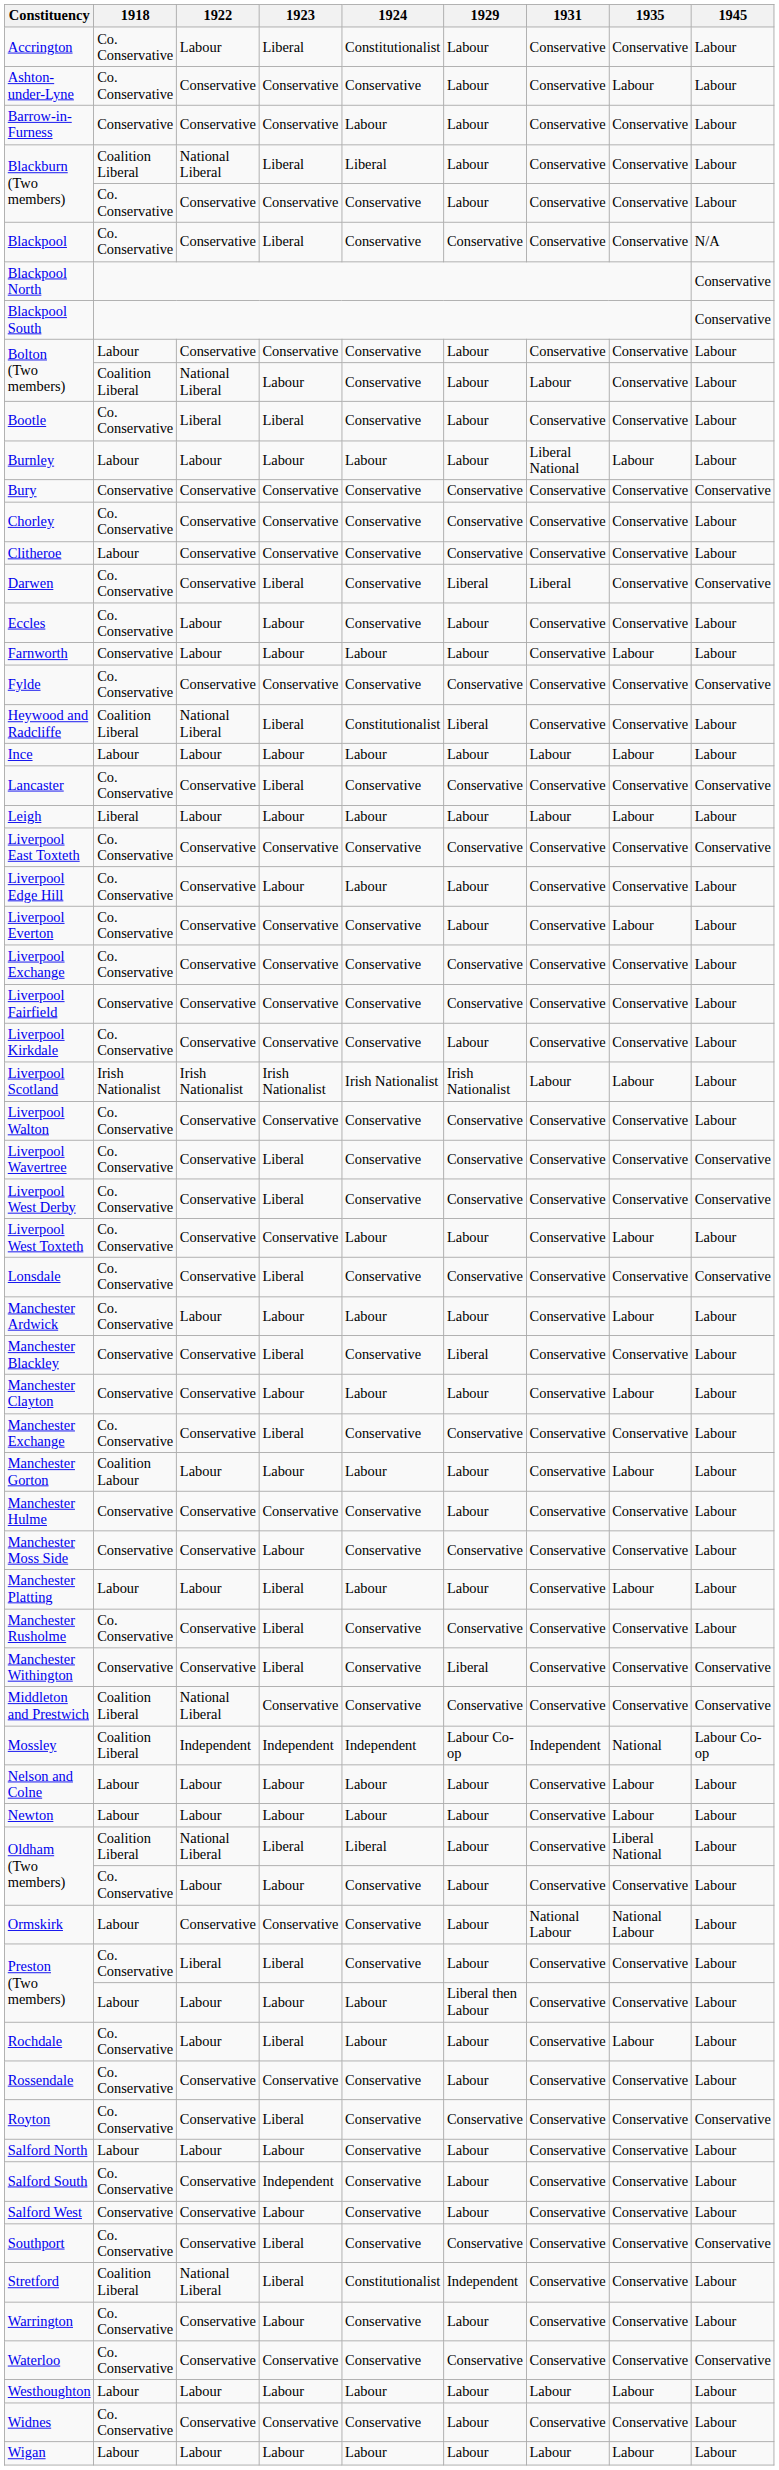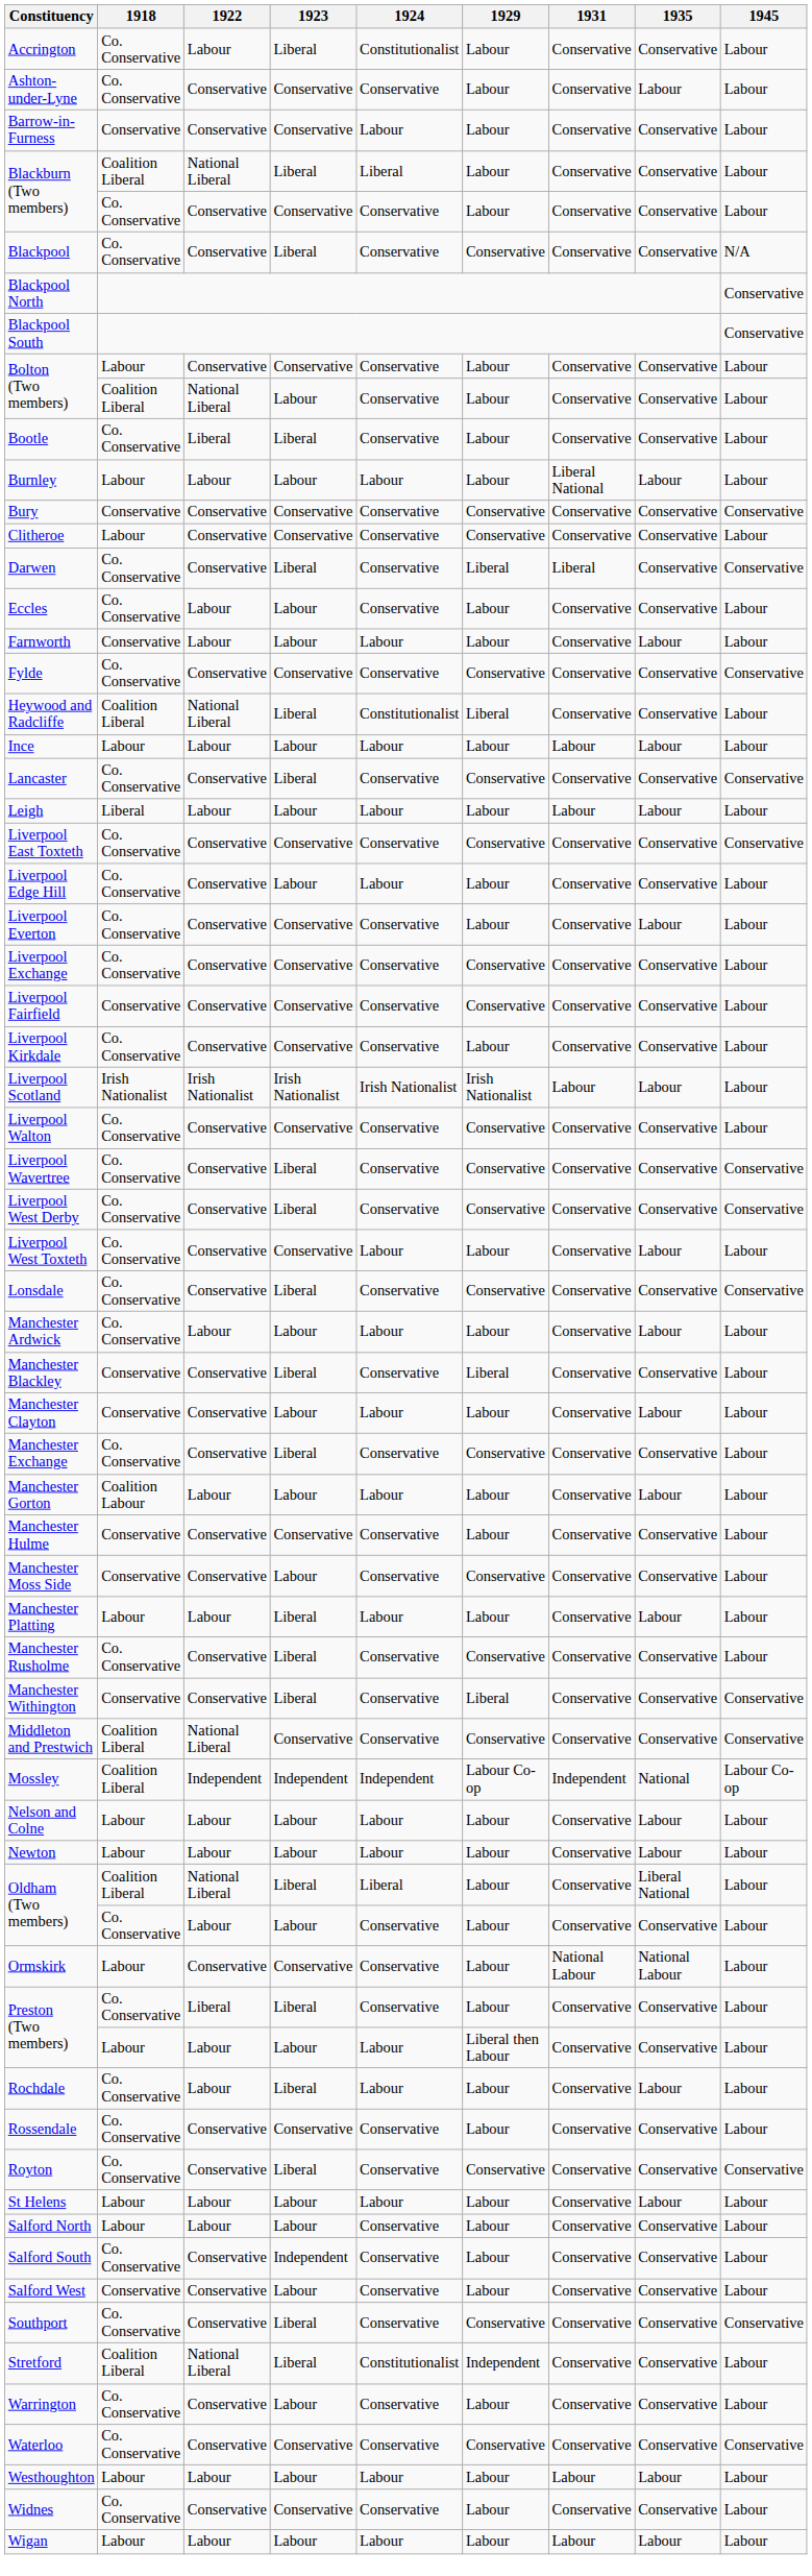 <table class="wikitable sortable">
 <tr>
 <th>Constituency</th>
 <th>1918</th>
 <th>1922</th>
 <th>1923</th>
 <th>1924</th>
 <th>1929</th>
 <th>1931</th>
 <th>1935</th>
 <th>1945</th>
 </tr>
 <tr>
 <td><a href='#'>Accrington</a></td>
 <td bgcolor=>Co. Conservative</td>
 <td bgcolor=>Labour</td>
 <td bgcolor=>Liberal</td>
 <td bgcolor=>Constitutionalist</td>
 <td bgcolor=>Labour</td>
 <td bgcolor=>Conservative</td>
 <td bgcolor=>Conservative</td>
 <td bgcolor=>Labour</td>
 </tr>
 <tr>
 <td><a href='#'>Ashton-under-Lyne</a></td>
 <td bgcolor=>Co. Conservative</td>
 <td bgcolor=>Conservative</td>
 <td bgcolor=>Conservative</td>
 <td bgcolor=>Conservative</td>
 <td bgcolor=>Labour</td>
 <td bgcolor=>Conservative</td>
 <td bgcolor=>Labour</td>
 <td bgcolor=>Labour</td>
 </tr>
 <tr>
 <td><a href='#'>Barrow-in-Furness</a></td>
 <td bgcolor=>Conservative</td>
 <td bgcolor=>Conservative</td>
 <td bgcolor=>Conservative</td>
 <td bgcolor=>Labour</td>
 <td bgcolor=>Labour</td>
 <td bgcolor=>Conservative</td>
 <td bgcolor=>Conservative</td>
 <td bgcolor=>Labour</td>
 </tr>
 <tr>
 <td rowspan="2"><a href='#'>Blackburn</a><br>(Two members)</td>
 <td bgcolor=>Coalition Liberal</td>
 <td bgcolor=>National Liberal</td>
 <td bgcolor=>Liberal</td>
 <td bgcolor=>Liberal</td>
 <td bgcolor=>Labour</td>
 <td bgcolor=>Conservative</td>
 <td bgcolor=>Conservative</td>
 <td bgcolor=>Labour</td>
 </tr>
 <tr>
 <td bgcolor=>Co. Conservative</td>
 <td bgcolor=>Conservative</td>
 <td bgcolor=>Conservative</td>
 <td bgcolor=>Conservative</td>
 <td bgcolor=>Labour</td>
 <td bgcolor=>Conservative</td>
 <td bgcolor=>Conservative</td>
 <td bgcolor=>Labour</td>
 </tr>
 <tr>
 <td><a href='#'>Blackpool</a></td>
 <td bgcolor=>Co. Conservative</td>
 <td bgcolor=>Conservative</td>
 <td bgcolor=>Liberal</td>
 <td bgcolor=>Conservative</td>
 <td bgcolor=>Conservative</td>
 <td bgcolor=>Conservative</td>
 <td bgcolor=>Conservative</td>
 <td>N/A</td>
 </tr>
 <tr>
 <td><a href='#'>Blackpool North</a></td>
 <td colspan="7"></td>
 <td bgcolor=>Conservative</td>
 </tr>
 <tr>
 <td><a href='#'>Blackpool South</a></td>
 <td colspan="7"></td>
 <td bgcolor=>Conservative</td>
 </tr>
 <tr>
 <td rowspan="2"><a href='#'>Bolton</a><br>(Two members)</td>
 <td>Labour</td>
 <td>Conservative</td>
 <td>Conservative</td>
 <td>Conservative</td>
 <td>Labour</td>
 <td>Conservative</td>
 <td>Conservative</td>
 <td bgcolor=>Labour</td>
 </tr>
 <tr>
 <td>Coalition Liberal</td>
 <td>National Liberal</td>
 <td>Labour</td>
 <td>Conservative</td>
 <td>Labour</td>
-<td>Labour</td>
+<td>Conservative</td>
 <td>Conservative</td>
 <td bgcolor=>Labour</td>
 </tr>
 <tr>
 <td><a href='#'>Bootle</a></td>
 <td>Co. Conservative</td>
 <td>Liberal</td>
 <td>Liberal</td>
 <td>Conservative</td>
 <td>Labour</td>
 <td>Conservative</td>
 <td>Conservative</td>
 <td bgcolor=>Labour</td>
 </tr>
 <tr>
 <td><a href='#'>Burnley</a></td>
 <td>Labour</td>
 <td>Labour</td>
 <td>Labour</td>
 <td>Labour</td>
 <td>Labour</td>
 <td>Liberal National</td>
 <td>Labour</td>
 <td bgcolor=>Labour</td>
 </tr>
 <tr>
 <td><a href='#'>Bury</a></td>
 <td>Conservative</td>
 <td>Conservative</td>
 <td>Conservative</td>
 <td>Conservative</td>
 <td>Conservative</td>
 <td>Conservative</td>
 <td>Conservative</td>
 <td bgcolor=>Conservative</td>
-</tr>
-<tr>
-<td><a href='#'>Chorley</a></td>
-<td>Co. Conservative</td>
-<td>Conservative</td>
-<td>Conservative</td>
-<td>Conservative</td>
-<td>Conservative</td>
-<td>Conservative</td>
-<td>Conservative</td>
-<td bgcolor=>Labour</td>
 </tr>
 <tr>
 <td><a href='#'>Clitheroe</a></td>
 <td>Labour</td>
 <td>Conservative</td>
 <td>Conservative</td>
 <td>Conservative</td>
 <td>Conservative</td>
 <td>Conservative</td>
 <td>Conservative</td>
 <td bgcolor=>Labour</td>
 </tr>
 <tr>
 <td><a href='#'>Darwen</a></td>
 <td>Co. Conservative</td>
 <td>Conservative</td>
 <td>Liberal</td>
 <td>Conservative</td>
 <td>Liberal</td>
 <td>Liberal</td>
 <td>Conservative</td>
 <td bgcolor=>Conservative</td>
 </tr>
 <tr>
 <td><a href='#'>Eccles</a></td>
 <td>Co. Conservative</td>
 <td>Labour</td>
 <td>Labour</td>
 <td>Conservative</td>
 <td>Labour</td>
 <td>Conservative</td>
 <td>Conservative</td>
 <td bgcolor=>Labour</td>
 </tr>
 <tr>
 <td><a href='#'>Farnworth</a></td>
 <td>Conservative</td>
 <td>Labour</td>
 <td>Labour</td>
 <td>Labour</td>
 <td>Labour</td>
 <td>Conservative</td>
 <td>Labour</td>
 <td bgcolor=>Labour</td>
 </tr>
 <tr>
 <td><a href='#'>Fylde</a></td>
 <td>Co. Conservative</td>
 <td>Conservative</td>
 <td>Conservative</td>
 <td>Conservative</td>
 <td>Conservative</td>
 <td>Conservative</td>
 <td>Conservative</td>
 <td bgcolor=>Conservative</td>
 </tr>
 <tr>
 <td><a href='#'>Heywood and Radcliffe</a></td>
 <td>Coalition Liberal</td>
 <td>National Liberal</td>
 <td>Liberal</td>
 <td>Constitutionalist</td>
 <td>Liberal</td>
 <td>Conservative</td>
 <td>Conservative</td>
 <td bgcolor=>Labour</td>
 </tr>
 <tr>
 <td><a href='#'>Ince</a></td>
 <td>Labour</td>
 <td>Labour</td>
 <td>Labour</td>
 <td>Labour</td>
 <td>Labour</td>
 <td>Labour</td>
 <td>Labour</td>
 <td bgcolor=>Labour</td>
 </tr>
 <tr>
 <td><a href='#'>Lancaster</a></td>
 <td>Co. Conservative</td>
 <td>Conservative</td>
 <td>Liberal</td>
 <td>Conservative</td>
 <td>Conservative</td>
 <td>Conservative</td>
 <td>Conservative</td>
 <td bgcolor=>Conservative</td>
 </tr>
 <tr>
 <td><a href='#'>Leigh</a></td>
 <td>Liberal</td>
 <td>Labour</td>
 <td>Labour</td>
 <td>Labour</td>
 <td>Labour</td>
 <td>Labour</td>
 <td>Labour</td>
 <td bgcolor=>Labour</td>
 </tr>
 <tr>
 <td><a href='#'>Liverpool East Toxteth</a></td>
 <td>Co. Conservative</td>
 <td>Conservative</td>
 <td>Conservative</td>
 <td>Conservative</td>
 <td>Conservative</td>
 <td>Conservative</td>
 <td>Conservative</td>
 <td bgcolor=>Conservative</td>
 </tr>
 <tr>
 <td><a href='#'>Liverpool Edge Hill</a></td>
 <td>Co. Conservative</td>
 <td>Conservative</td>
 <td>Labour</td>
 <td>Labour</td>
 <td>Labour</td>
 <td>Conservative</td>
 <td>Conservative</td>
 <td bgcolor=>Labour</td>
 </tr>
 <tr>
 <td><a href='#'>Liverpool Everton</a></td>
 <td>Co. Conservative</td>
 <td>Conservative</td>
 <td>Conservative</td>
 <td>Conservative</td>
 <td>Labour</td>
 <td>Conservative</td>
 <td>Labour</td>
 <td bgcolor=>Labour</td>
 </tr>
 <tr>
 <td><a href='#'>Liverpool Exchange</a></td>
 <td>Co. Conservative</td>
 <td>Conservative</td>
 <td>Conservative</td>
 <td>Conservative</td>
 <td>Conservative</td>
 <td>Conservative</td>
 <td>Conservative</td>
 <td bgcolor=>Labour</td>
 </tr>
 <tr>
 <td><a href='#'>Liverpool Fairfield</a></td>
 <td>Conservative</td>
 <td>Conservative</td>
 <td>Conservative</td>
 <td>Conservative</td>
 <td>Conservative</td>
 <td>Conservative</td>
 <td>Conservative</td>
 <td bgcolor=>Labour</td>
 </tr>
 <tr>
 <td><a href='#'>Liverpool Kirkdale</a></td>
 <td>Co. Conservative</td>
 <td>Conservative</td>
 <td>Conservative</td>
 <td>Conservative</td>
 <td>Labour</td>
 <td>Conservative</td>
 <td>Conservative</td>
 <td bgcolor=>Labour</td>
 </tr>
 <tr>
 <td><a href='#'>Liverpool Scotland</a></td>
 <td>Irish Nationalist</td>
 <td>Irish Nationalist</td>
 <td>Irish Nationalist</td>
 <td>Irish Nationalist</td>
 <td>Irish Nationalist</td>
 <td>Labour</td>
 <td>Labour</td>
 <td bgcolor=>Labour</td>
 </tr>
 <tr>
 <td><a href='#'>Liverpool Walton</a></td>
 <td>Co. Conservative</td>
 <td>Conservative</td>
 <td>Conservative</td>
 <td>Conservative</td>
 <td>Conservative</td>
 <td>Conservative</td>
 <td>Conservative</td>
 <td bgcolor=>Labour</td>
 </tr>
 <tr>
 <td><a href='#'>Liverpool Wavertree</a></td>
 <td>Co. Conservative</td>
 <td>Conservative</td>
 <td>Liberal</td>
 <td>Conservative</td>
 <td>Conservative</td>
 <td>Conservative</td>
 <td>Conservative</td>
 <td bgcolor=>Conservative</td>
 </tr>
 <tr>
 <td><a href='#'>Liverpool West Derby</a></td>
 <td>Co. Conservative</td>
 <td>Conservative</td>
 <td>Liberal</td>
 <td>Conservative</td>
 <td>Conservative</td>
 <td>Conservative</td>
 <td>Conservative</td>
 <td bgcolor=>Conservative</td>
 </tr>
 <tr>
 <td><a href='#'>Liverpool West Toxteth</a></td>
 <td>Co. Conservative</td>
 <td>Conservative</td>
 <td>Conservative</td>
 <td>Labour</td>
 <td>Labour</td>
 <td>Conservative</td>
 <td>Labour</td>
 <td bgcolor=>Labour</td>
 </tr>
 <tr>
 <td><a href='#'>Lonsdale</a></td>
 <td>Co. Conservative</td>
 <td>Conservative</td>
 <td>Liberal</td>
 <td>Conservative</td>
 <td>Conservative</td>
 <td>Conservative</td>
 <td>Conservative</td>
 <td bgcolor=>Conservative</td>
 </tr>
 <tr>
 <td><a href='#'>Manchester Ardwick</a></td>
 <td>Co. Conservative</td>
 <td>Labour</td>
 <td>Labour</td>
 <td>Labour</td>
 <td>Labour</td>
 <td>Conservative</td>
 <td>Labour</td>
 <td bgcolor=>Labour</td>
 </tr>
 <tr>
 <td><a href='#'>Manchester Blackley</a></td>
 <td>Conservative</td>
 <td>Conservative</td>
 <td>Liberal</td>
 <td>Conservative</td>
 <td>Liberal</td>
 <td>Conservative</td>
 <td>Conservative</td>
 <td bgcolor=>Labour</td>
 </tr>
 <tr>
 <td><a href='#'>Manchester Clayton</a></td>
 <td>Conservative</td>
 <td>Conservative</td>
 <td>Labour</td>
 <td>Labour</td>
 <td>Labour</td>
 <td>Conservative</td>
 <td>Labour</td>
 <td bgcolor=>Labour</td>
 </tr>
 <tr>
 <td><a href='#'>Manchester Exchange</a></td>
 <td>Co. Conservative</td>
 <td>Conservative</td>
 <td>Liberal</td>
 <td>Conservative</td>
 <td>Conservative</td>
 <td>Conservative</td>
 <td>Conservative</td>
 <td bgcolor=>Labour</td>
 </tr>
 <tr>
 <td><a href='#'>Manchester Gorton</a></td>
 <td>Coalition Labour</td>
 <td>Labour</td>
 <td>Labour</td>
 <td>Labour</td>
 <td>Labour</td>
 <td>Conservative</td>
 <td>Labour</td>
 <td bgcolor=>Labour</td>
 </tr>
 <tr>
 <td><a href='#'>Manchester Hulme</a></td>
 <td>Conservative</td>
 <td>Conservative</td>
 <td>Conservative</td>
 <td>Conservative</td>
 <td>Labour</td>
 <td>Conservative</td>
 <td>Conservative</td>
 <td bgcolor=>Labour</td>
 </tr>
 <tr>
 <td><a href='#'>Manchester Moss Side</a></td>
 <td>Conservative</td>
 <td>Conservative</td>
 <td>Labour</td>
 <td>Conservative</td>
 <td>Conservative</td>
 <td>Conservative</td>
 <td>Conservative</td>
 <td bgcolor=>Labour</td>
 </tr>
 <tr>
 <td><a href='#'>Manchester Platting</a></td>
 <td>Labour</td>
 <td>Labour</td>
 <td>Liberal</td>
 <td>Labour</td>
 <td>Labour</td>
 <td>Conservative</td>
 <td>Labour</td>
 <td bgcolor=>Labour</td>
 </tr>
 <tr>
 <td><a href='#'>Manchester Rusholme</a></td>
 <td>Co. Conservative</td>
 <td>Conservative</td>
 <td>Liberal</td>
 <td>Conservative</td>
 <td>Conservative</td>
 <td>Conservative</td>
 <td>Conservative</td>
 <td bgcolor=>Labour</td>
 </tr>
 <tr>
 <td><a href='#'>Manchester Withington</a></td>
 <td>Conservative</td>
 <td>Conservative</td>
 <td>Liberal</td>
 <td>Conservative</td>
 <td>Liberal</td>
 <td>Conservative</td>
 <td>Conservative</td>
 <td bgcolor=>Conservative</td>
 </tr>
 <tr>
 <td><a href='#'>Middleton and Prestwich</a></td>
 <td>Coalition Liberal</td>
 <td>National Liberal</td>
 <td>Conservative</td>
 <td>Conservative</td>
 <td>Conservative</td>
 <td>Conservative</td>
 <td>Conservative</td>
 <td bgcolor=>Conservative</td>
 </tr>
 <tr>
 <td><a href='#'>Mossley</a></td>
 <td>Coalition Liberal</td>
 <td>Independent</td>
 <td>Independent</td>
 <td>Independent</td>
 <td>Labour Co-op</td>
 <td>Independent</td>
 <td bgcolor=>National</td>
 <td bgcolor=>Labour Co-op</td>
 </tr>
 <tr>
 <td><a href='#'>Nelson and Colne</a></td>
 <td>Labour</td>
 <td>Labour</td>
 <td>Labour</td>
 <td>Labour</td>
 <td>Labour</td>
 <td>Conservative</td>
 <td>Labour</td>
 <td bgcolor=>Labour</td>
 </tr>
 <tr>
 <td><a href='#'>Newton</a></td>
 <td>Labour</td>
 <td>Labour</td>
 <td>Labour</td>
 <td>Labour</td>
 <td>Labour</td>
 <td>Conservative</td>
 <td>Labour</td>
 <td bgcolor=>Labour</td>
 </tr>
 <tr>
 <td rowspan="2"><a href='#'>Oldham</a><br>(Two members)</td>
 <td>Coalition Liberal</td>
 <td>National Liberal</td>
 <td>Liberal</td>
 <td>Liberal</td>
 <td>Labour</td>
 <td>Conservative</td>
 <td>Liberal National</td>
 <td bgcolor=>Labour</td>
 </tr>
 <tr>
 <td>Co. Conservative</td>
 <td>Labour</td>
 <td>Labour</td>
 <td>Conservative</td>
 <td>Labour</td>
 <td>Conservative</td>
 <td>Conservative</td>
 <td bgcolor=>Labour</td>
 </tr>
 <tr>
 <td><a href='#'>Ormskirk</a></td>
 <td>Labour</td>
 <td>Conservative</td>
 <td>Conservative</td>
 <td>Conservative</td>
 <td>Labour</td>
 <td>National Labour</td>
 <td>National Labour</td>
 <td bgcolor=>Labour</td>
 </tr>
 <tr>
 <td rowspan="2"><a href='#'>Preston</a><br>(Two members)</td>
 <td>Co. Conservative</td>
 <td>Liberal</td>
 <td>Liberal</td>
 <td>Conservative</td>
 <td>Labour</td>
 <td>Conservative</td>
 <td>Conservative</td>
 <td bgcolor=>Labour</td>
 </tr>
 <tr>
 <td>Labour</td>
 <td>Labour</td>
 <td>Labour</td>
 <td>Labour</td>
 <td>Liberal then Labour</td>
 <td>Conservative</td>
 <td>Conservative</td>
 <td bgcolor=>Labour</td>
 </tr>
 <tr>
 <td><a href='#'>Rochdale</a></td>
 <td>Co. Conservative</td>
 <td>Labour</td>
 <td>Liberal</td>
 <td>Labour</td>
 <td>Labour</td>
 <td>Conservative</td>
 <td>Labour</td>
 <td bgcolor=>Labour</td>
 </tr>
 <tr>
 <td><a href='#'>Rossendale</a></td>
 <td>Co. Conservative</td>
 <td>Conservative</td>
 <td>Conservative</td>
 <td>Conservative</td>
 <td>Labour</td>
 <td>Conservative</td>
 <td>Conservative</td>
 <td bgcolor=>Labour</td>
 </tr>
 <tr>
 <td><a href='#'>Royton</a></td>
 <td>Co. Conservative</td>
 <td>Conservative</td>
 <td>Liberal</td>
 <td>Conservative</td>
 <td>Conservative</td>
 <td>Conservative</td>
 <td>Conservative</td>
 <td bgcolor=>Conservative</td>
 </tr>
 <tr>
+<td><a href='#'>St Helens</a></td>
+<td>Labour</td>
+<td>Labour</td>
+<td>Labour</td>
+<td>Labour</td>
+<td>Labour</td>
+<td>Conservative</td>
+<td>Labour</td>
+<td bgcolor=>Labour</td>
+</tr>
+<tr>
 <td><a href='#'>Salford North</a></td>
 <td>Labour</td>
 <td>Labour</td>
 <td>Labour</td>
 <td>Conservative</td>
 <td>Labour</td>
 <td>Conservative</td>
 <td>Conservative</td>
 <td bgcolor=>Labour</td>
 </tr>
 <tr>
 <td><a href='#'>Salford South</a></td>
 <td>Co. Conservative</td>
 <td>Conservative</td>
 <td>Independent</td>
 <td>Conservative</td>
 <td>Labour</td>
 <td>Conservative</td>
 <td>Conservative</td>
 <td bgcolor=>Labour</td>
 </tr>
 <tr>
 <td><a href='#'>Salford West</a></td>
 <td>Conservative</td>
 <td>Conservative</td>
 <td>Labour</td>
 <td>Conservative</td>
 <td>Labour</td>
 <td>Conservative</td>
 <td>Conservative</td>
 <td bgcolor=>Labour</td>
 </tr>
 <tr>
 <td><a href='#'>Southport</a></td>
 <td>Co. Conservative</td>
 <td>Conservative</td>
 <td>Liberal</td>
 <td>Conservative</td>
 <td>Conservative</td>
 <td>Conservative</td>
 <td>Conservative</td>
 <td bgcolor=>Conservative</td>
 </tr>
 <tr>
 <td><a href='#'>Stretford</a></td>
 <td>Coalition Liberal</td>
 <td>National Liberal</td>
 <td>Liberal</td>
 <td>Constitutionalist</td>
 <td>Independent</td>
 <td>Conservative</td>
 <td>Conservative</td>
 <td bgcolor=>Labour</td>
 </tr>
 <tr>
 <td><a href='#'>Warrington</a></td>
 <td>Co. Conservative</td>
 <td>Conservative</td>
 <td>Labour</td>
 <td>Conservative</td>
 <td>Labour</td>
 <td>Conservative</td>
 <td>Conservative</td>
 <td bgcolor=>Labour</td>
 </tr>
 <tr>
 <td><a href='#'>Waterloo</a></td>
 <td bgcolor=>Co. Conservative</td>
 <td bgcolor=>Conservative</td>
 <td bgcolor=>Conservative</td>
 <td bgcolor=>Conservative</td>
 <td bgcolor=>Conservative</td>
 <td bgcolor=>Conservative</td>
 <td bgcolor=>Conservative</td>
 <td bgcolor=>Conservative</td>
 </tr>
 <tr>
 <td><a href='#'>Westhoughton</a></td>
 <td>Labour</td>
 <td>Labour</td>
 <td>Labour</td>
 <td>Labour</td>
 <td>Labour</td>
 <td>Labour</td>
 <td>Labour</td>
 <td bgcolor=>Labour</td>
 </tr>
 <tr>
 <td><a href='#'>Widnes</a></td>
 <td>Co. Conservative</td>
 <td>Conservative</td>
 <td>Conservative</td>
 <td>Conservative</td>
 <td>Labour</td>
 <td>Conservative</td>
 <td>Conservative</td>
 <td bgcolor=>Labour</td>
 </tr>
 <tr>
 <td><a href='#'>Wigan</a></td>
 <td>Labour</td>
 <td>Labour</td>
 <td>Labour</td>
 <td>Labour</td>
 <td>Labour</td>
 <td>Labour</td>
 <td>Labour</td>
 <td bgcolor=>Labour</td>
 </tr>
 </table>
